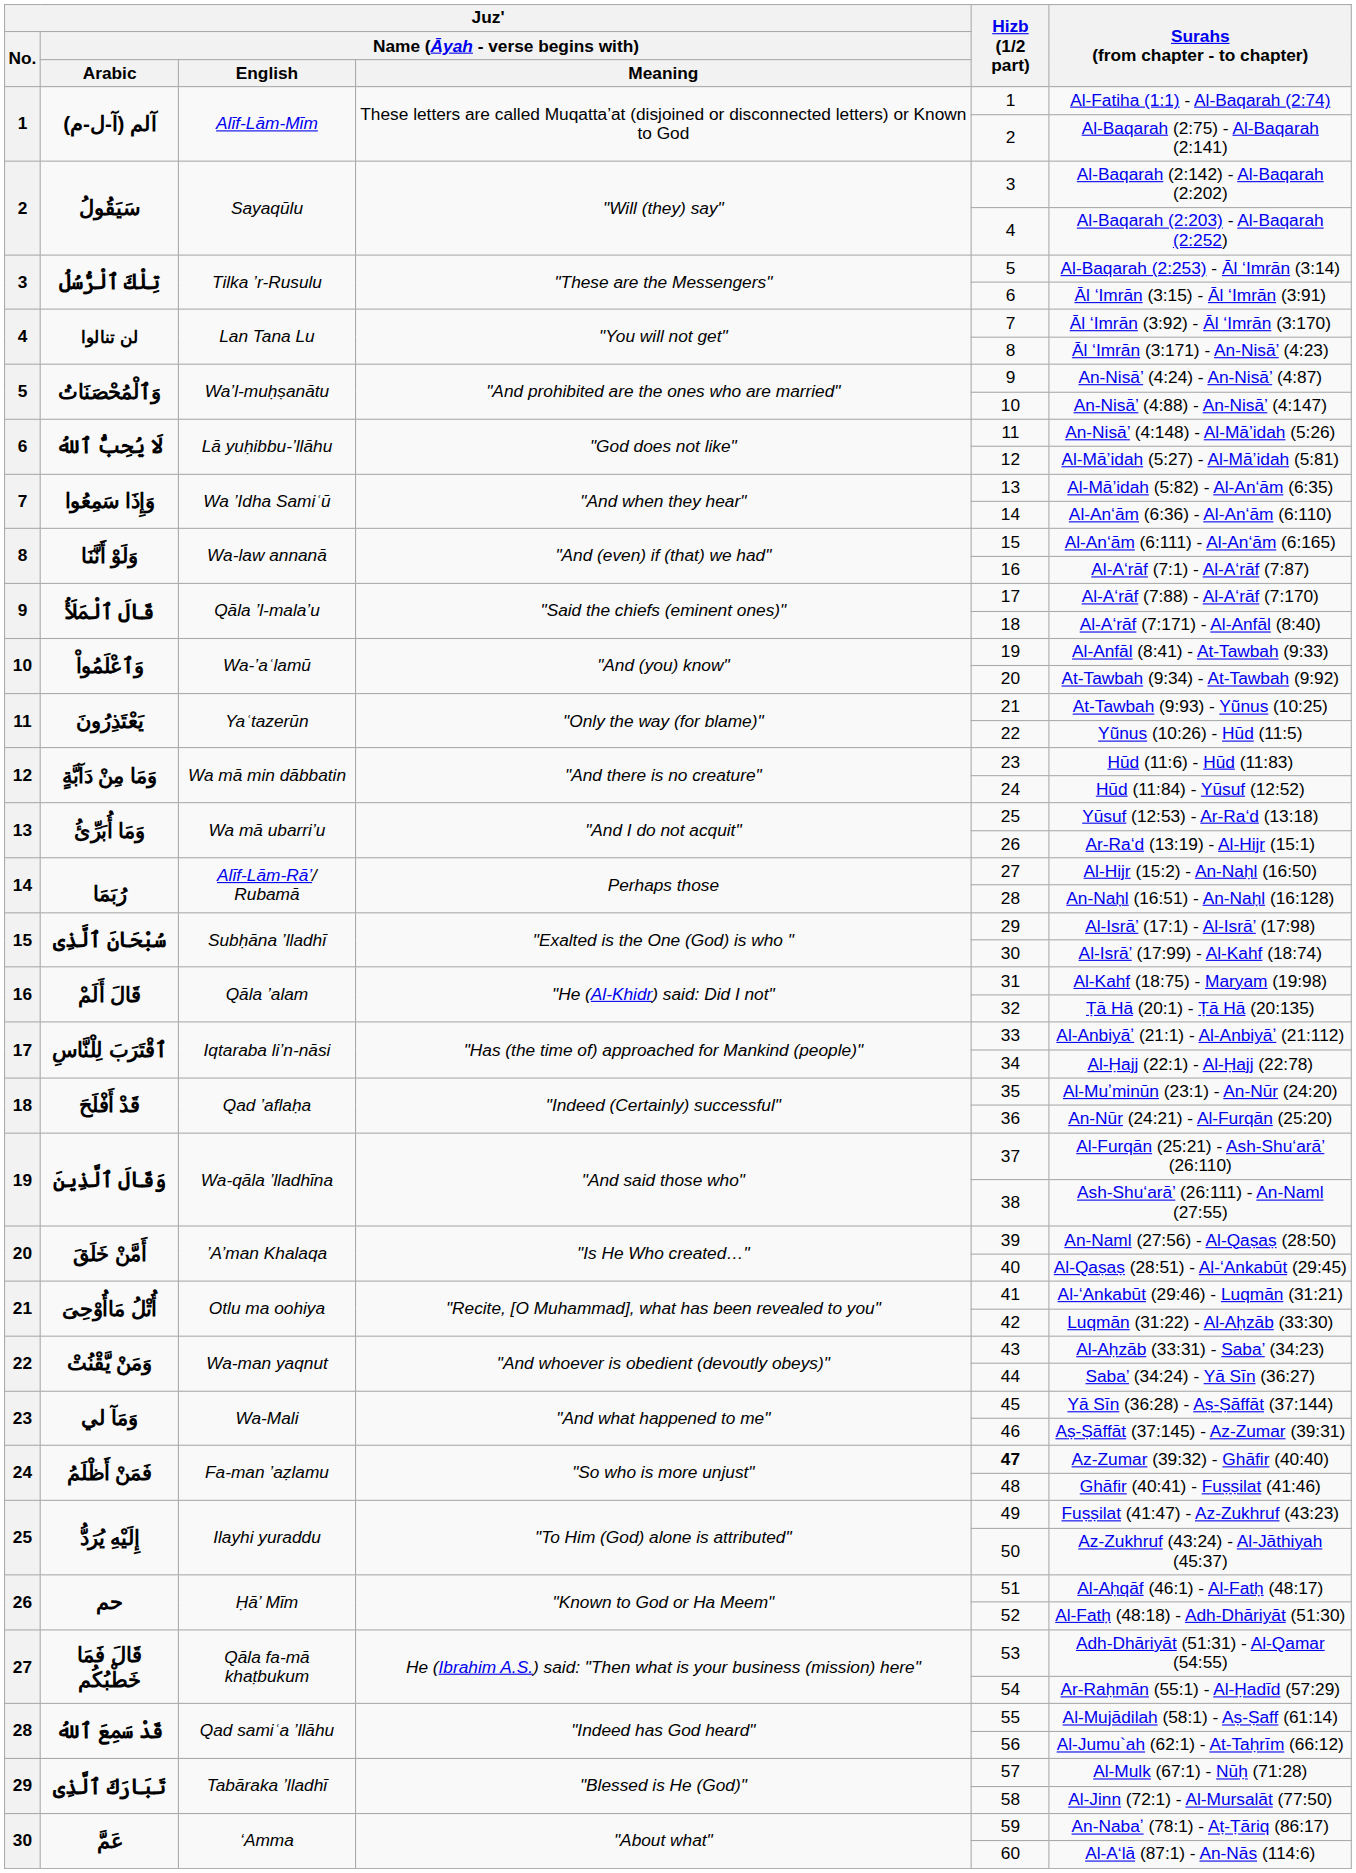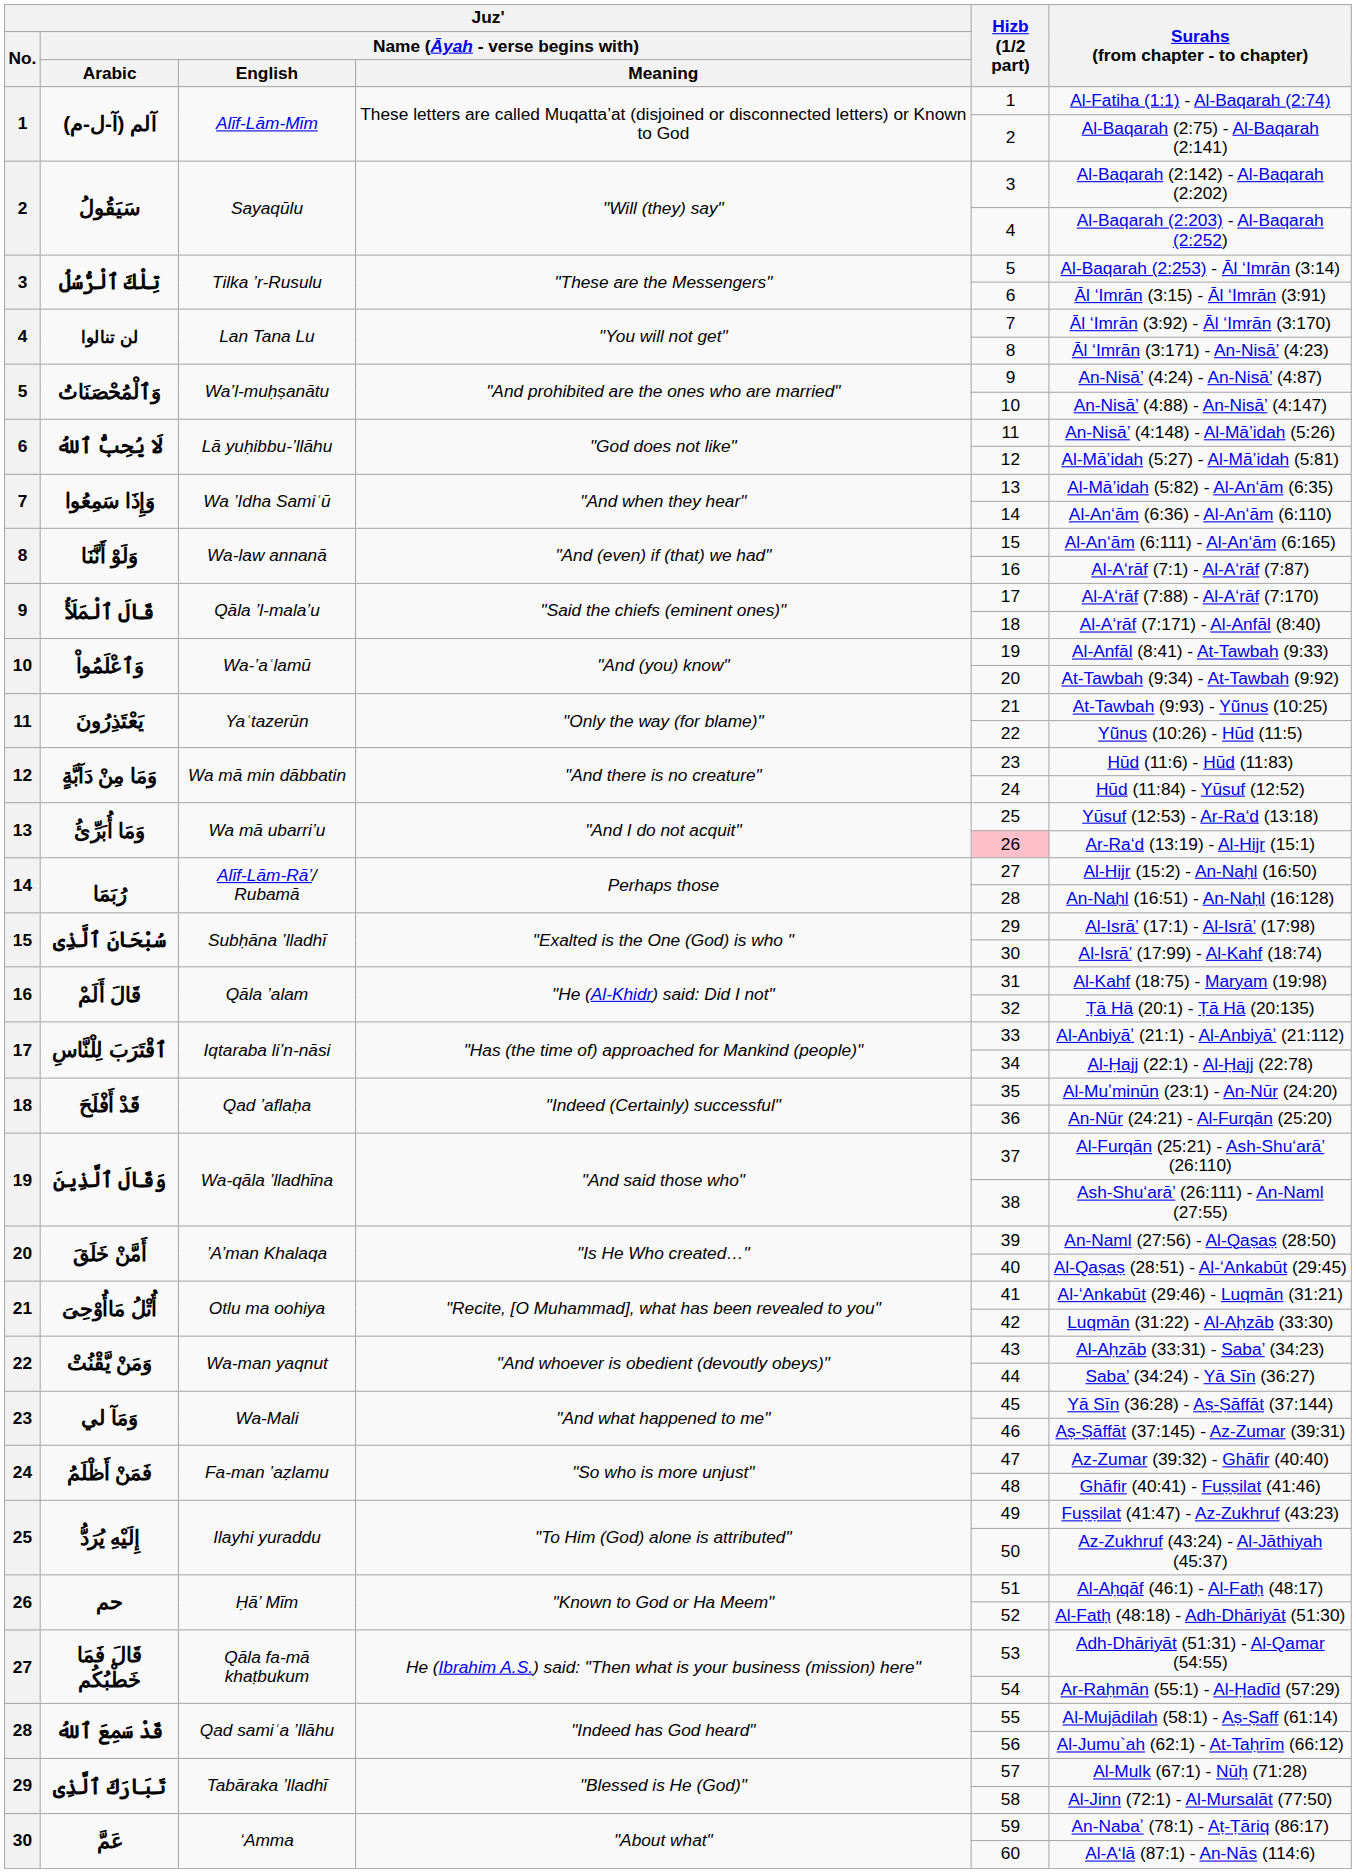 <table class="wikitable mw-collapsible" style="text-align: center">
 <tr>
 <th colspan="4">Juz'</th>
 <th rowspan="3"><a href='#'>Hizb</a><br>(1/2 part)</th>
 <th rowspan="3"><a href='#'>Surahs</a><br>(from chapter - to chapter)</th>
 </tr>
 <tr>
 <th rowspan="2">No.</th>
 <th colspan="3">Name (<em><a href='#'>Āyah</a></em> - verse begins with)</th>
 </tr>
 <tr>
 <th>Arabic</th>
 <th>English</th>
 <th>Meaning</th>
 </tr>
 <tr>
 <th rowspan="2">1</th>
 <td rowspan="2"><strong><big> (آلم (آ-ل-م</big></strong></td>
 <td rowspan="2"><em><a href='#'>Alīf-Lām-Mīm</a></em></td>
 <td rowspan="2">These letters are called Muqatta’at (disjoined or disconnected letters) or Known to God</td>
 <td>1</td>
 <td><a href='#'>Al-Fatiha (1:1)</a> - <a href='#'>Al-Baqarah (2:74)</a></td>
 </tr>
 <tr>
 <td>2</td>
 <td><a href='#'>Al-Baqarah</a> (2:75) - <a href='#'>Al-Baqarah</a> (2:141)</td>
 </tr>
 <tr>
 <th rowspan="2">2</th>
 <td rowspan="2"><big><strong> سَيَقُولُ </strong></big></td>
 <td rowspan="2"><em>Sayaqūlu</em></td>
 <td rowspan="2"><em>"Will (they) say"</em></td>
 <td>3</td>
 <td><a href='#'>Al-Baqarah</a> (2:142) - <a href='#'>Al-Baqarah</a> (2:202)</td>
 </tr>
 <tr>
 <td>4</td>
 <td><a href='#'>Al-Baqarah (2:203)</a> - <a href='#'>Al-Baqarah (2:252</a>)</td>
 </tr>
 <tr>
 <th rowspan="2">3</th>
 <td rowspan="2"><big><strong> تِلْكَ ٱلْرُّسُلُ </strong></big></td>
 <td rowspan="2"><em>Tilka ’r-Rusulu</em></td>
 <td rowspan="2"><em>"These are the Messengers"</em></td>
 <td>5</td>
 <td><a href='#'>Al-Baqarah (2:253)</a> - <a href='#'>Āl ‘Imrān</a> (3:14)</td>
 </tr>
 <tr>
 <td>6</td>
 <td><a href='#'>Āl ‘Imrān</a> (3:15) - <a href='#'>Āl ‘Imrān</a> (3:91)</td>
 </tr>
 <tr>
 <th rowspan="2">4</th>
 <td rowspan="2"><strong>لن تنالوا</strong></td>
 <td rowspan="2"><em>Lan Tana Lu</em></td>
 <td rowspan="2"><em>"You will not get"</em></td>
 <td>7</td>
 <td><a href='#'>Āl ‘Imrān</a> (3:92) - <a href='#'>Āl ‘Imrān</a> (3:170)</td>
 </tr>
 <tr>
 <td>8</td>
 <td><a href='#'>Āl ‘Imrān</a> (3:171) - <a href='#'>An-Nisā’</a> (4:23)</td>
 </tr>
 <tr>
 <th rowspan="2">5</th>
 <td rowspan="2"><big><strong> وَٱلْمُحْصَنَاتُ </strong></big></td>
 <td rowspan="2"><em>Wa’l-muḥṣanātu</em></td>
 <td rowspan="2"><em>"And prohibited are the ones who are married"</em></td>
 <td>9</td>
 <td><a href='#'>An-Nisā’</a> (4:24) - <a href='#'>An-Nisā’</a> (4:87)</td>
 </tr>
 <tr>
 <td>10</td>
 <td><a href='#'>An-Nisā’</a> (4:88) - <a href='#'>An-Nisā’</a> (4:147)</td>
 </tr>
 <tr>
 <th rowspan="2">6</th>
 <td rowspan="2"><big><strong> لَا يُحِبُّ ٱللهُ </strong></big></td>
 <td rowspan="2"><em>Lā yuḥibbu-’llāhu</em></td>
 <td rowspan="2"><em>"God does not like"</em></td>
 <td>11</td>
 <td><a href='#'>An-Nisā’</a> (4:148) - <a href='#'>Al-Mā’idah</a> (5:26)</td>
 </tr>
 <tr>
 <td>12</td>
 <td><a href='#'>Al-Mā’idah</a> (5:27) - <a href='#'>Al-Mā’idah</a> (5:81)</td>
 </tr>
 <tr>
 <th rowspan="2">7</th>
 <td rowspan="2"><big><strong> وَإِذَا سَمِعُوا </strong></big></td>
 <td rowspan="2"><em> Wa ’Idha Samiʿū </em></td>
 <td rowspan="2"><em>"And when they hear"</em></td>
 <td>13</td>
 <td><a href='#'>Al-Mā’idah</a> (5:82) - <a href='#'>Al-An‘ām</a> (6:35)</td>
 </tr>
 <tr>
 <td>14</td>
 <td><a href='#'>Al-An‘ām</a> (6:36) - <a href='#'>Al-An‘ām</a> (6:110)</td>
 </tr>
 <tr>
 <th rowspan="2">8</th>
 <td rowspan="2"><strong><big> وَلَوْ أَنَّنَا </big></strong></td>
 <td rowspan="2"><em>Wa-law annanā</em></td>
 <td rowspan="2"><em>"And (even) if (that) we had"</em></td>
 <td>15</td>
 <td><a href='#'>Al-An‘ām</a> (6:111) - <a href='#'>Al-An‘ām</a> (6:165)</td>
 </tr>
 <tr>
 <td>16</td>
 <td><a href='#'>Al-A‘rāf</a> (7:1) - <a href='#'>Al-A‘rāf</a> (7:87)</td>
 </tr>
 <tr>
 <th rowspan="2">9</th>
 <td rowspan="2"><strong><big> قَالَ ٱلْمَلَأُ </big></strong></td>
 <td rowspan="2"><em>Qāla ’l-mala’u</em></td>
 <td rowspan="2"><em>"Said the chiefs (eminent ones)"</em></td>
 <td>17</td>
 <td><a href='#'>Al-A‘rāf</a> (7:88) - <a href='#'>Al-A‘rāf</a> (7:170)</td>
 </tr>
 <tr>
 <td>18</td>
 <td><a href='#'>Al-A‘rāf</a> (7:171) - <a href='#'>Al-Anfāl</a> (8:40)</td>
 </tr>
 <tr>
 <th rowspan="2">10</th>
 <td rowspan="2"><strong><big> وَٱعْلَمُواْ </big></strong></td>
 <td rowspan="2"><em>Wa-’aʿlamū</em></td>
 <td rowspan="2"><em>"And (you) know"</em></td>
 <td>19</td>
 <td><a href='#'>Al-Anfāl</a> (8:41) - <a href='#'>At-Tawbah</a> (9:33)</td>
 </tr>
 <tr>
 <td>20</td>
 <td><a href='#'>At-Tawbah</a> (9:34) - <a href='#'>At-Tawbah</a> (9:92)</td>
 </tr>
 <tr>
 <th rowspan="2">11</th>
 <td rowspan="2"><strong><big> يَعْتَذِرُونَ </big></strong></td>
 <td rowspan="2"><em> Yaʿtazerūn </em></td>
 <td rowspan="2"><em>"Only the way (for blame)"</em></td>
 <td>21</td>
 <td><a href='#'>At-Tawbah</a> (9:93) - <a href='#'>Yũnus</a> (10:25)</td>
 </tr>
 <tr>
 <td>22</td>
 <td><a href='#'>Yũnus</a> (10:26) - <a href='#'>Hūd</a> (11:5)</td>
 </tr>
 <tr>
 <th rowspan="2">12</th>
 <td rowspan="2"><strong><big> وَمَا مِنْ دَآبَّةٍ </big></strong></td>
 <td rowspan="2"><em>Wa mā min dābbatin</em></td>
 <td rowspan="2"><em>"And there is no creature"</em></td>
 <td>23</td>
 <td><a href='#'>Hūd</a> (11:6) - <a href='#'>Hūd</a> (11:83)</td>
 </tr>
 <tr>
 <td>24</td>
 <td><a href='#'>Hūd</a> (11:84) - <a href='#'>Yūsuf</a> (12:52)</td>
 </tr>
 <tr>
 <th rowspan="2">13</th>
 <td rowspan="2"><big><strong> وَمَا أُبَرِّئُ </strong></big></td>
 <td rowspan="2"><em>Wa mā ubarri’u</em></td>
 <td rowspan="2"><em>"And I do not acquit"</em></td>
 <td>25</td>
 <td><a href='#'>Yūsuf</a> (12:53) - <a href='#'>Ar-Ra‘d</a> (13:18)</td>
 </tr>
 <tr>
-<td>26</td>
+<td style="background: pink;">26</td>
 <td><a href='#'>Ar-Ra‘d</a> (13:19) - <a href='#'>Al-Hijr</a> (15:1)</td>
 </tr>
 <tr>
 <th rowspan="2">14</th>
 <td rowspan="2"><br><strong><big>رُبَمَا</big></strong></td>
 <td rowspan="2"><em><a href='#'>Alīf-Lām-Rā’</a>/</em><br><em>Rubamā</em></td>
 <td rowspan="2"><em>Perhaps those</em></td>
 <td>27</td>
 <td><a href='#'>Al-Hijr</a> (15:2) - <a href='#'>An-Naḥl</a> (16:50)</td>
 </tr>
 <tr>
 <td>28</td>
 <td><a href='#'>An-Naḥl</a> (16:51) - <a href='#'>An-Naḥl</a> (16:128)</td>
 </tr>
 <tr>
 <th rowspan="2">15</th>
 <td rowspan="2"><strong><big> سُبْحَانَ ٱلَّذِى </big></strong></td>
 <td rowspan="2"><em>Subḥāna ’lladhī</em></td>
 <td rowspan="2"><em>"Exalted is the One (God) is who "</em></td>
 <td>29</td>
 <td><a href='#'>Al-Isrā’</a> (17:1) - <a href='#'>Al-Isrā’</a> (17:98)</td>
 </tr>
 <tr>
 <td>30</td>
 <td><a href='#'>Al-Isrā’</a> (17:99) - <a href='#'>Al-Kahf</a> (18:74)</td>
 </tr>
 <tr>
 <th rowspan="2">16</th>
 <td rowspan="2"><strong><big> قَالَ أَلَمْ </big></strong></td>
 <td rowspan="2"><em>Qāla ’alam</em></td>
 <td rowspan="2"><em>"He (<a href='#'>Al-Khidr</a>) said: Did I not"</em></td>
 <td>31</td>
 <td><a href='#'>Al-Kahf</a> (18:75) - <a href='#'>Maryam</a> (19:98)</td>
 </tr>
 <tr>
 <td>32</td>
 <td><a href='#'>Ṭā Hā</a> (20:1) - <a href='#'>Ṭā Hā</a> (20:135)</td>
 </tr>
 <tr>
 <th rowspan="2">17</th>
 <td rowspan="2"><strong><big> ٱقْتَرَبَ لِلْنَّاسِ </big></strong></td>
 <td rowspan="2"><em>Iqtaraba li’n-nāsi</em></td>
 <td rowspan="2"><em>"Has (the time of) approached for Mankind (people)"</em></td>
 <td>33</td>
 <td><a href='#'>Al-Anbiyāʼ</a> (21:1) - <a href='#'>Al-Anbiyāʼ</a> (21:112)</td>
 </tr>
 <tr>
 <td>34</td>
 <td>ِ<a href='#'>Al-Ḥajj</a> (22:1) - <a href='#'>Al-Ḥajj</a> (22:78)</td>
 </tr>
 <tr>
 <th rowspan="2">18</th>
 <td rowspan="2"><strong><big> قَدْ أَفْلَحَ </big></strong></td>
 <td rowspan="2"><em>Qad ’aflaḥa</em></td>
 <td rowspan="2"><em>"Indeed (Certainly) successful"</em></td>
 <td>35</td>
 <td><a href='#'>Al-Muʼminūn</a> (23:1) - <a href='#'>An-Nūr</a> (24:20)</td>
 </tr>
 <tr>
 <td>36</td>
 <td><a href='#'>An-Nūr</a> (24:21) - <a href='#'>Al-Furqān</a> (25:20)</td>
 </tr>
 <tr>
 <th rowspan="2">19</th>
 <td rowspan="2"><strong><big> وَقَالَ ٱلَّذِينَ </big></strong></td>
 <td rowspan="2"><em>Wa-qāla ’lladhīna</em></td>
 <td rowspan="2"><em>"And said those who"</em></td>
 <td>37</td>
 <td><a href='#'>Al-Furqān</a> (25:21) - <a href='#'>Ash-Shu‘arā’</a> (26:110)</td>
 </tr>
 <tr>
 <td>38</td>
 <td><a href='#'>Ash-Shu‘arā’</a> (26:111) - <a href='#'>An-Naml</a> (27:55)</td>
 </tr>
 <tr>
 <th rowspan="2">20</th>
 <td rowspan="2"><strong><big> أَمَّنْ خَلَقَ </big></strong></td>
 <td rowspan="2"><em> ’A’man Khalaqa </em></td>
 <td rowspan="2"><em>"Is He Who created…"</em></td>
 <td>39</td>
 <td><a href='#'>An-Naml</a> (27:56) - <a href='#'>Al-Qaṣaṣ</a> (28:50)</td>
 </tr>
 <tr>
 <td>40</td>
 <td><a href='#'>Al-Qaṣaṣ</a> (28:51) - <a href='#'>Al-‘Ankabūt</a> (29:45)</td>
 </tr>
 <tr>
 <th rowspan="2">21</th>
 <td rowspan="2"><strong><big> أُتْلُ مَاأُوْحِیَ </big></strong></td>
 <td rowspan="2"><em> Otlu ma oohiya</em></td>
 <td rowspan="2"><em>"Recite, [O Muhammad], what has been revealed to you"</em></td>
 <td>41</td>
 <td><a href='#'>Al-‘Ankabūt</a> (29:46) - <a href='#'>Luqmān</a> (31:21)</td>
 </tr>
 <tr>
 <td>42</td>
 <td><a href='#'>Luqmān</a> (31:22) - <a href='#'>Al-Aḥzāb</a> (33:30)</td>
 </tr>
 <tr>
 <th rowspan="2">22</th>
 <td rowspan="2"><strong><big> وَمَنْ يَّقْنُتْ </big></strong></td>
 <td rowspan="2"><em>Wa-man yaqnut</em></td>
 <td rowspan="2"><em>"And whoever is obedient (devoutly obeys)"</em></td>
 <td>43</td>
 <td><a href='#'>Al-Aḥzāb</a> (33:31) - <a href='#'>Saba’</a> (34:23)</td>
 </tr>
 <tr>
 <td>44</td>
 <td><a href='#'>Saba’</a> (34:24) - <a href='#'>Yā Sīn</a> (36:27)</td>
 </tr>
 <tr>
 <th rowspan="2">23</th>
 <td rowspan="2"><strong><big> وَمَآ لي </big></strong></td>
 <td rowspan="2"><em>Wa-Mali</em></td>
 <td rowspan="2"><em>"And what happened to me"</em></td>
 <td>45</td>
 <td><a href='#'>Yā Sīn</a> (36:28) - <a href='#'>Aṣ-Ṣāffāt</a> (37:144)</td>
 </tr>
 <tr>
 <td>46</td>
 <td><a href='#'>Aṣ-Ṣāffāt</a> (37:145) - <a href='#'>Az-Zumar</a> (39:31)</td>
 </tr>
 <tr>
 <th rowspan="2">24</th>
 <td rowspan="2"><strong><big> فَمَنْ أَظْلَمُ </big></strong></td>
 <td rowspan="2"><em>Fa-man ’aẓlamu</em></td>
 <td rowspan="2"><em>"So who is more unjust"</em></td>
-<td><strong>47</strong></td>
+<td>47</td>
 <td><a href='#'>Az-Zumar</a> (39:32) - <a href='#'>Ghāfir</a> (40:40)</td>
 </tr>
 <tr>
 <td>48</td>
 <td><a href='#'>Ghāfir</a> (40:41) - <a href='#'>Fuṣṣilat</a> (41:46)</td>
 </tr>
 <tr>
 <th rowspan="2">25</th>
 <td rowspan="2"><strong><big> إِلَيْهِ يُرَدُّ </big></strong></td>
 <td rowspan="2"><em>Ilayhi yuraddu</em></td>
 <td rowspan="2"><em>"To Him (God) alone is attributed"</em></td>
 <td>49</td>
 <td><a href='#'>Fuṣṣilat</a> (41:47) - <a href='#'>Az-Zukhruf</a> (43:23)</td>
 </tr>
 <tr>
 <td>50</td>
 <td><a href='#'>Az-Zukhruf</a> (43:24) - <a href='#'>Al-Jāthiyah</a> (45:37)</td>
 </tr>
 <tr>
 <th rowspan="2">26</th>
 <td rowspan="2"><strong><big> حم </big></strong></td>
 <td rowspan="2"><em>Ḥā’ Mīm</em></td>
 <td rowspan="2"><em>"Known to God or Ha Meem"</em></td>
 <td>51</td>
 <td><a href='#'>Al-Aḥqāf</a> (46:1) - <a href='#'>Al-Fatḥ</a> (48:17)</td>
 </tr>
 <tr>
 <td>52</td>
 <td><a href='#'>Al-Fatḥ</a> (48:18) - <a href='#'>Adh-Dhāriyāt</a> (51:30)</td>
 </tr>
 <tr>
 <th rowspan="2">27</th>
 <td rowspan="2"><strong><big> قَالَ فَمَا خَطْبُكُم </big></strong></td>
 <td rowspan="2"><em>Qāla fa-mā khaṭbukum</em></td>
 <td rowspan="2"><em>He (<a href='#'>Ibrahim A.S.</a>) said: "Then what is your business (mission) here"</em></td>
 <td>53</td>
 <td><a href='#'>Adh-Dhāriyāt</a> (51:31) - <a href='#'>Al-Qamar</a> (54:55)</td>
 </tr>
 <tr>
 <td>54</td>
 <td><a href='#'>Ar-Raḥmān</a> (55:1) - <a href='#'>Al-Ḥadīd</a> (57:29)</td>
 </tr>
 <tr>
 <th rowspan="2">28</th>
 <td rowspan="2"><strong><big> قَدْ سَمِعَ ٱللهُ </big></strong></td>
 <td rowspan="2"><em>Qad samiʿa ’llāhu</em></td>
 <td rowspan="2"><em>"Indeed has God heard"</em></td>
 <td>55</td>
 <td><a href='#'>Al-Mujādilah</a> (58:1) - <a href='#'>Aṣ-Ṣaff</a> (61:14)</td>
 </tr>
 <tr>
 <td>56</td>
 <td><a href='#'>Al-Jumu`ah</a> (62:1) - <a href='#'>At-Taḥrīm</a> (66:12)</td>
 </tr>
 <tr>
 <th rowspan="2">29</th>
 <td rowspan="2"><strong><big> تَبَارَكَ ٱلَّذِى </big></strong></td>
 <td rowspan="2"><em>Tabāraka ’lladhī</em></td>
 <td rowspan="2"><em>"Blessed is He (God)"</em></td>
 <td>57</td>
 <td><a href='#'>Al-Mulk</a> (67:1) - <a href='#'>Nūḥ</a> (71:28)</td>
 </tr>
 <tr>
 <td>58</td>
 <td><a href='#'>Al-Jinn</a> (72:1) - <a href='#'>Al-Mursalāt</a> (77:50)</td>
 </tr>
 <tr>
 <th rowspan="2">30</th>
 <td rowspan="2"><big><strong> عَمَّ </strong></big></td>
 <td rowspan="2"><em>‘Amma</em></td>
 <td rowspan="2"><em>"About what"</em></td>
 <td>59</td>
 <td><a href='#'>An-Nabaʼ</a> (78:1) - <a href='#'>Aṭ-Ṭāriq</a> (86:17)</td>
 </tr>
 <tr>
 <td>60</td>
 <td><a href='#'>Al-Aʻlā</a> (87:1) - <a href='#'>An-Nās</a> (114:6)</td>
 </tr>
 </table>
